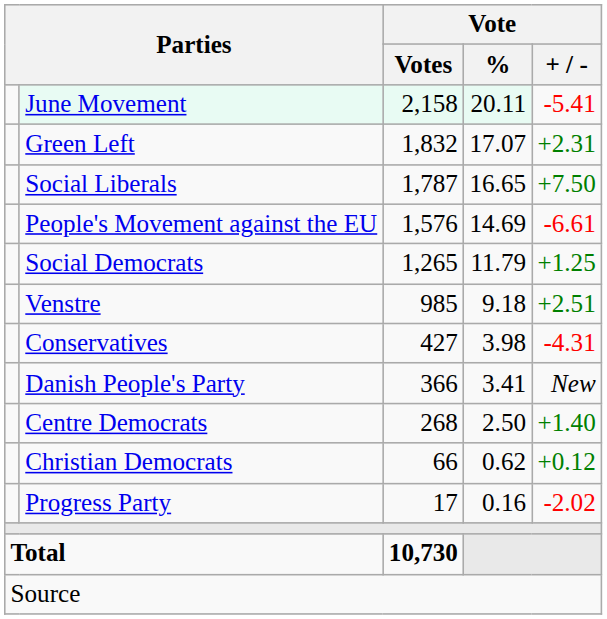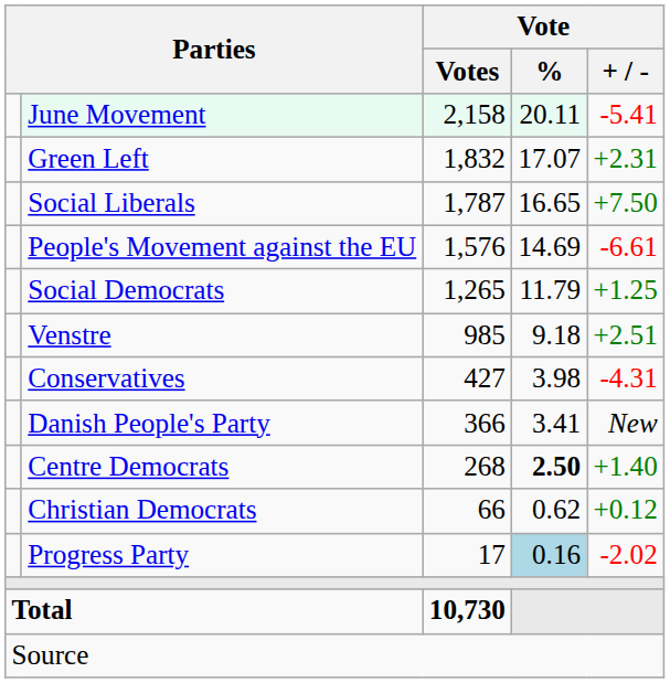 <table class="wikitable" style="text-align:right;">
 <tr>
 <th style="text-align:centre;" rowspan="2" colspan="2" width="225">Parties</th>
 <th colspan="3">Vote</th>
 </tr>
 <tr>
 <th width="15">Votes</th>
 <th width="15">%</th>
 <th width="15">+ / -</th>
 </tr>
 <tr>
 <td width="2" style="color:inherit;background:"></td>
 <td bgcolor=#e8fbf3   align="left"><a href='#'>June Movement</a></td>
 <td bgcolor=#e8fbf3>2,158</td>
 <td bgcolor=#e8fbf3>20.11</td>
 <td style=color:red;>-5.41</td>
 </tr>
 <tr>
 <td width="2" style="color:inherit;background:"></td>
 <td align="left"><a href='#'>Green Left</a></td>
 <td>1,832</td>
 <td>17.07</td>
 <td style=color:green;>+2.31</td>
 </tr>
 <tr>
 <td width="2" style="color:inherit;background:"></td>
 <td align="left"><a href='#'>Social Liberals</a></td>
 <td>1,787</td>
 <td>16.65</td>
 <td style=color:green;>+7.50</td>
 </tr>
 <tr>
 <td width="2" style="color:inherit;background:"></td>
 <td align="left"><a href='#'>People's Movement against the EU</a></td>
 <td>1,576</td>
 <td>14.69</td>
 <td style=color:red;>-6.61</td>
 </tr>
 <tr>
 <td width="2" style="color:inherit;background:"></td>
 <td align="left"><a href='#'>Social Democrats</a></td>
 <td>1,265</td>
 <td>11.79</td>
 <td style=color:green;>+1.25</td>
 </tr>
 <tr>
 <td width="2" style="color:inherit;background:"></td>
 <td align="left"><a href='#'>Venstre</a></td>
 <td>985</td>
 <td>9.18</td>
 <td style=color:green;>+2.51</td>
 </tr>
 <tr>
 <td width="2" style="color:inherit;background:"></td>
 <td align="left"><a href='#'>Conservatives</a></td>
 <td>427</td>
 <td>3.98</td>
 <td style=color:red;>-4.31</td>
 </tr>
 <tr>
 <td width="2" style="color:inherit;background:"></td>
 <td align="left"><a href='#'>Danish People's Party</a></td>
 <td>366</td>
 <td>3.41</td>
 <td><em>New</em></td>
 </tr>
 <tr>
 <td width="2" style="color:inherit;background:"></td>
 <td align="left"><a href='#'>Centre Democrats</a></td>
 <td>268</td>
-<td>2.50</td>
+<td><strong>2.50</strong></td>
 <td style=color:green;>+1.40</td>
 </tr>
 <tr>
 <td width="2" style="color:inherit;background:"></td>
 <td align="left"><a href='#'>Christian Democrats</a></td>
 <td>66</td>
 <td>0.62</td>
 <td style=color:green;>+0.12</td>
 </tr>
 <tr>
 <td width="2" style="color:inherit;background:"></td>
 <td align="left"><a href='#'>Progress Party</a></td>
 <td>17</td>
-<td>0.16</td>
+<td style="background: lightblue;">0.16</td>
 <td style=color:red;>-2.02</td>
 </tr>
 <tr>
 <td colspan="7" bgcolor="#E9E9E9"></td>
 </tr>
 <tr>
 <td align="left" colspan="2"><strong>Total</strong></td>
 <td><strong>10,730</strong></td>
 <td bgcolor="#E9E9E9" colspan="2"></td>
 </tr>
 <tr>
 <td align="left" colspan="6">Source</td>
 </tr>
 </table>
